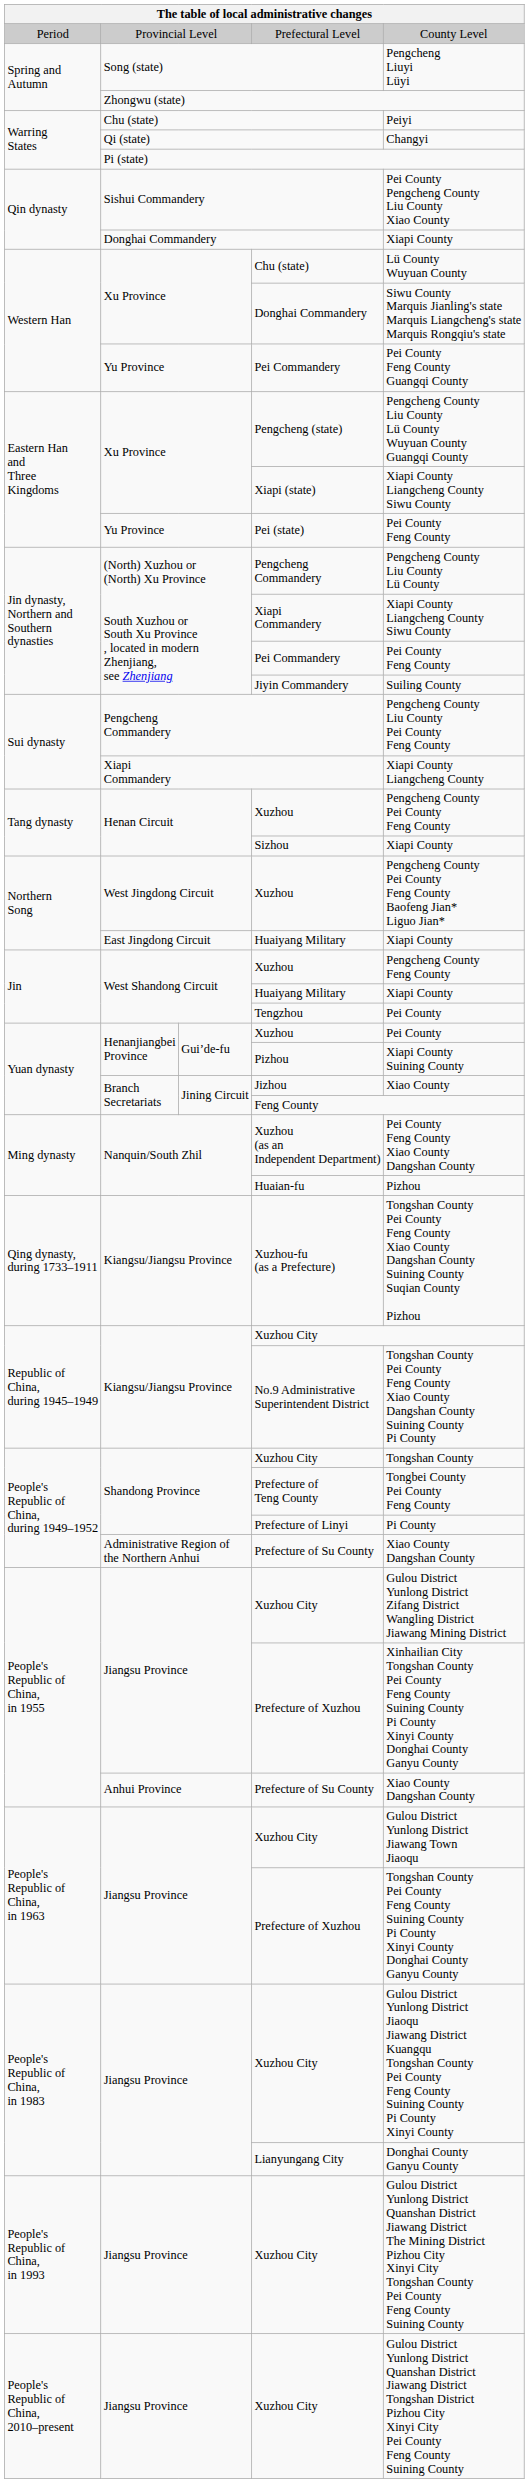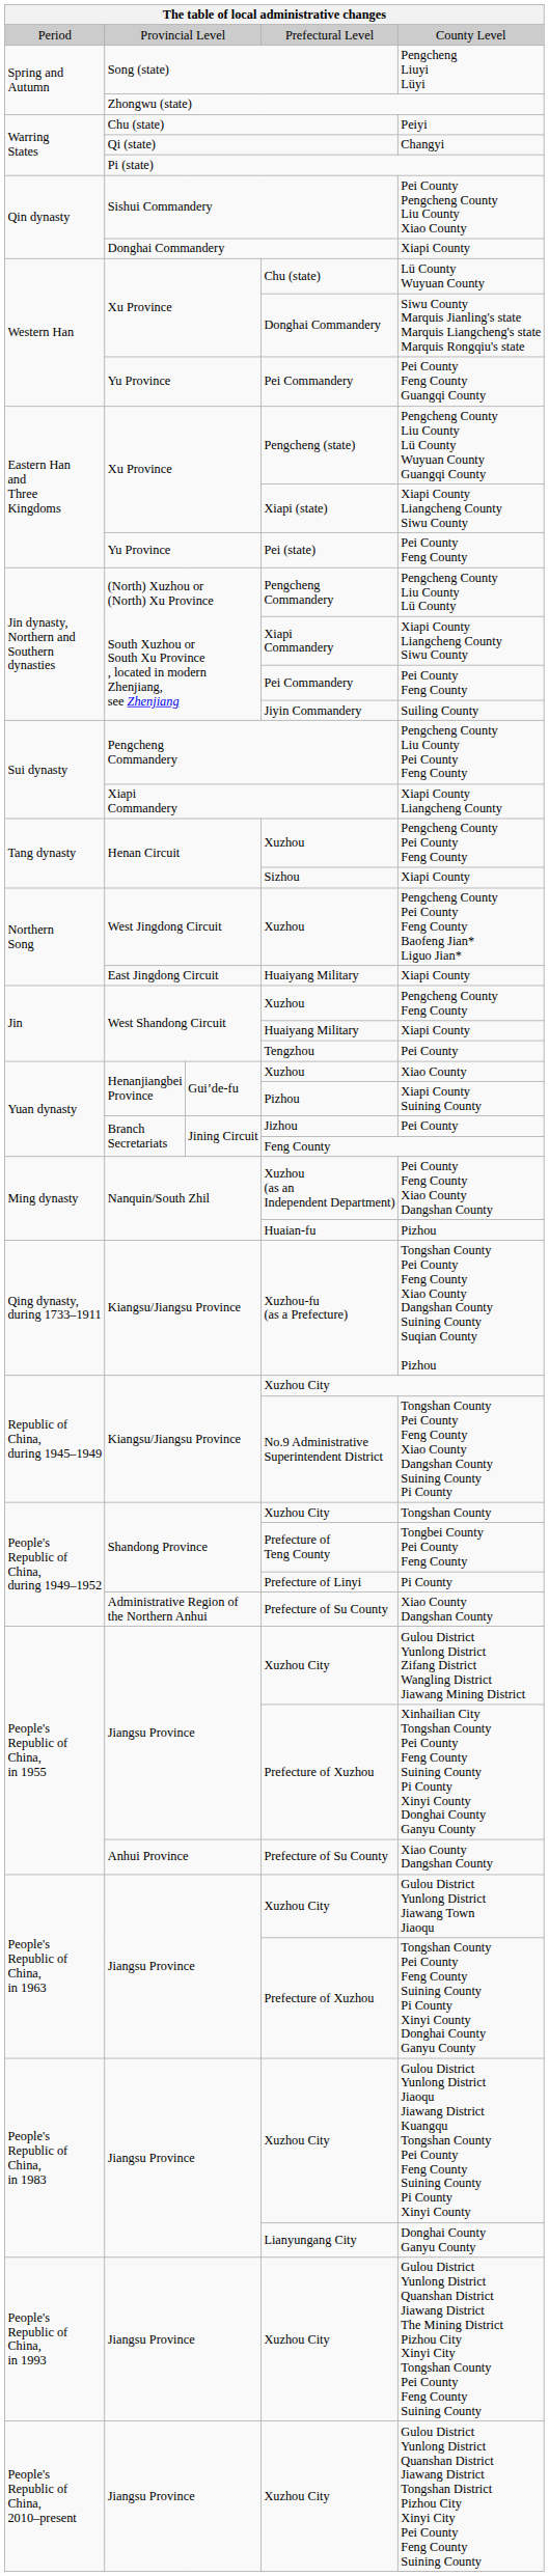 <table class="wikitable collapsible collapsed" style="margin-left: auto; margin-right: auto; border: none">
 <tr>
 <th colspan="8" style="background: #f2f2f2;"><strong>The table of local administrative changes</strong></th>
 </tr>
 <tr bgcolor=cccccc>
 <td style="text-align: center;">Period</td>
 <td colspan="2" style="text-align: center;">Provincial Level</td>
 <td style="text-align: center;">Prefectural Level</td>
 <td style="text-align: center;">County Level</td>
 </tr>
 <tr>
 <td rowspan="2">Spring and<br>Autumn</td>
 <td colspan="3">Song (state)<br></td>
 <td>Pengcheng <br>Liuyi <br>Lüyi </td>
 </tr>
 <tr>
 <td colspan="4">Zhongwu (state) </td>
 </tr>
 <tr>
 <td rowspan="3">Warring<br>States</td>
 <td colspan="3">Chu (state) </td>
 <td>Peiyi </td>
 </tr>
 <tr>
 <td colspan="3">Qi (state) </td>
 <td>Changyi </td>
 </tr>
 <tr>
 <td colspan="4">Pi (state) </td>
 </tr>
 <tr>
 <td rowspan="2">Qin dynasty</td>
 <td colspan="3">Sishui Commandery<br></td>
 <td>Pei County <br>Pengcheng County <br>Liu County <br>Xiao County </td>
 </tr>
 <tr>
 <td colspan="3">Donghai Commandery </td>
 <td>Xiapi County </td>
 </tr>
 <tr>
 <td rowspan="3">Western Han</td>
 <td colspan="2" rowspan="2">Xu Province<br></td>
 <td>Chu (state) </td>
 <td>Lü County <br>Wuyuan County </td>
 </tr>
 <tr>
 <td>Donghai Commandery<br></td>
 <td>Siwu County <br>Marquis Jianling's state <br>Marquis Liangcheng's state <br>Marquis Rongqiu's state </td>
 </tr>
 <tr>
 <td colspan="2">Yu Province<br></td>
 <td>Pei Commandery<br></td>
 <td>Pei County <br>Feng County <br>Guangqi County </td>
 </tr>
 <tr>
 <td rowspan="3">Eastern Han<br>and<br>Three<br>Kingdoms</td>
 <td colspan="2" rowspan="2">Xu Province<br></td>
 <td>Pengcheng (state)<br></td>
 <td>Pengcheng County <br>Liu County <br>Lü County <br>Wuyuan County <br>Guangqi County </td>
 </tr>
 <tr>
 <td>Xiapi (state)<br></td>
 <td>Xiapi County <br>Liangcheng County <br>Siwu County </td>
 </tr>
 <tr>
 <td colspan="2">Yu Province<br></td>
 <td>Pei (state)<br></td>
 <td>Pei County <br>Feng County </td>
 </tr>
 <tr>
 <td rowspan="4">Jin dynasty,<br>Northern and<br>Southern<br>dynasties</td>
 <td colspan="2" rowspan="4">(North) Xuzhou or<br>(North) Xu Province<br><br><br>South Xuzhou or<br>South Xu Province<br>, located in modern<br>Zhenjiang, <br>see <em><a href='#'>Zhenjiang</a></em></td>
 <td>Pengcheng<br>Commandery<br></td>
 <td>Pengcheng County <br>Liu County <br>Lü County </td>
 </tr>
 <tr>
 <td>Xiapi<br>Commandery<br></td>
 <td>Xiapi County <br>Liangcheng County <br>Siwu County </td>
 </tr>
 <tr>
 <td>Pei Commandery<br></td>
 <td>Pei County <br>Feng County </td>
 </tr>
 <tr>
 <td>Jiyin Commandery<br></td>
 <td>Suiling County </td>
 </tr>
 <tr>
 <td rowspan="2">Sui dynasty</td>
 <td colspan="3">Pengcheng<br>Commandery<br></td>
 <td>Pengcheng County <br>Liu County <br>Pei County <br>Feng County </td>
 </tr>
 <tr>
 <td colspan="3">Xiapi<br>Commandery<br></td>
 <td>Xiapi County <br>Liangcheng County </td>
 </tr>
 <tr>
 <td rowspan="2">Tang dynasty</td>
 <td colspan="2" rowspan="2">Henan Circuit<br></td>
 <td>Xuzhou<br></td>
 <td>Pengcheng County <br>Pei County <br>Feng County </td>
 </tr>
 <tr>
 <td>Sizhou </td>
 <td>Xiapi County </td>
 </tr>
 <tr>
 <td rowspan="2">Northern<br>Song</td>
 <td colspan="2">West Jingdong Circuit<br></td>
 <td>Xuzhou<br></td>
 <td>Pengcheng County <br>Pei County <br>Feng County <br>Baofeng Jian* <br>Liguo Jian* </td>
 </tr>
 <tr>
 <td colspan="2">East Jingdong Circuit<br></td>
 <td>Huaiyang Military<br></td>
 <td>Xiapi County </td>
 </tr>
 <tr>
 <td rowspan="3">Jin</td>
 <td colspan="2" rowspan="3">West Shandong Circuit<br></td>
 <td>Xuzhou </td>
 <td>Pengcheng County <br>Feng County </td>
 </tr>
 <tr>
 <td>Huaiyang Military </td>
 <td>Xiapi County </td>
 </tr>
 <tr>
 <td>Tengzhou </td>
 <td>Pei County </td>
 </tr>
 <tr>
 <td rowspan="4">Yuan dynasty</td>
 <td rowspan="2">Henanjiangbei<br>Province<br></td>
 <td rowspan="2">Gui’de-fu<br></td>
 <td>Xuzhou </td>
-<td>Pei County </td>
+<td>Xiao County </td>
 </tr>
 <tr>
 <td>Pizhou </td>
 <td>Xiapi County <br>Suining County </td>
 </tr>
 <tr>
 <td rowspan="2">Branch<br>Secretariats<br></td>
 <td rowspan="2">Jining Circuit<br></td>
 <td>Jizhou </td>
-<td>Xiao County </td>
+<td>Pei County </td>
 </tr>
 <tr>
 <td colspan="2">Feng County </td>
 </tr>
 <tr>
 <td rowspan="2">Ming dynasty</td>
 <td colspan="2" rowspan="2">Nanquin/South Zhil<br></td>
 <td>Xuzhou<br>(as an<br>Independent Department)<br></td>
 <td>Pei County <br>Feng County <br>Xiao County <br>Dangshan County </td>
 </tr>
 <tr>
 <td>Huaian-fu </td>
 <td>Pizhou </td>
 </tr>
 <tr>
 <td>Qing dynasty,<br>during 1733–1911</td>
 <td colspan="2">Kiangsu/Jiangsu Province<br></td>
 <td>Xuzhou-fu<br>(as a Prefecture)<br></td>
 <td>Tongshan County <br>Pei County <br>Feng County <br>Xiao County <br>Dangshan County <br>Suining County <br>Suqian County <br><br>Pizhou </td>
 </tr>
 <tr>
 <td rowspan="2">Republic of<br>China,<br>during 1945–1949</td>
 <td colspan="2" rowspan="2">Kiangsu/Jiangsu Province<br></td>
 <td colspan="2">Xuzhou City </td>
 </tr>
 <tr>
 <td>No.9 Administrative<br>Superintendent District<br></td>
 <td>Tongshan County <br>Pei County <br>Feng County <br>Xiao County <br>Dangshan County <br>Suining County <br>Pi County </td>
 </tr>
 <tr>
 <td rowspan="4">People's<br>Republic of<br>China,<br>during 1949–1952</td>
 <td colspan="2" rowspan="3">Shandong Province<br></td>
 <td>Xuzhou City </td>
 <td>Tongshan County </td>
 </tr>
 <tr>
 <td>Prefecture of<br>Teng County <br></td>
 <td>Tongbei County <br>Pei County <br>Feng County </td>
 </tr>
 <tr>
 <td>Prefecture of Linyi<br></td>
 <td>Pi County </td>
 </tr>
 <tr>
 <td colspan="2">Administrative Region of<br>the Northern Anhui<br></td>
 <td>Prefecture of Su County <br></td>
 <td>Xiao County <br>Dangshan County </td>
 </tr>
 <tr>
 <td rowspan="3">People's<br>Republic of<br>China,<br>in 1955</td>
 <td colspan="2" rowspan="2">Jiangsu Province<br></td>
 <td>Xuzhou City<br></td>
 <td>Gulou District <br>Yunlong District <br>Zifang District <br>Wangling District <br>Jiawang Mining District </td>
 </tr>
 <tr>
 <td>Prefecture of Xuzhou<br></td>
 <td>Xinhailian City <br>Tongshan County <br>Pei County <br>Feng County <br>Suining County <br>Pi County <br>Xinyi County <br>Donghai County <br>Ganyu County </td>
 </tr>
 <tr>
 <td colspan="2">Anhui Province<br></td>
 <td>Prefecture of Su County <br></td>
 <td>Xiao County <br>Dangshan County </td>
 </tr>
 <tr>
 <td rowspan="2">People's<br>Republic of<br>China,<br>in 1963</td>
 <td colspan="2" rowspan="2">Jiangsu Province<br></td>
 <td>Xuzhou City<br></td>
 <td>Gulou District <br>Yunlong District <br>Jiawang Town <br>Jiaoqu </td>
 </tr>
 <tr>
 <td>Prefecture of Xuzhou<br></td>
 <td>Tongshan County <br>Pei County <br>Feng County <br>Suining County <br>Pi County <br>Xinyi County <br>Donghai County <br>Ganyu County </td>
 </tr>
 <tr>
 <td rowspan="2">People's<br>Republic of<br>China,<br>in 1983</td>
 <td colspan="2" rowspan="2">Jiangsu Province<br></td>
 <td>Xuzhou City<br></td>
 <td>Gulou District <br>Yunlong District <br>Jiaoqu <br>Jiawang District <br>Kuangqu <br>Tongshan County <br>Pei County <br>Feng County <br>Suining County <br>Pi County <br>Xinyi County </td>
 </tr>
 <tr>
 <td>Lianyungang City<br></td>
 <td>Donghai County <br>Ganyu County </td>
 </tr>
 <tr>
 <td>People's<br>Republic of<br>China,<br>in 1993</td>
 <td colspan="2">Jiangsu Province<br></td>
 <td>Xuzhou City<br></td>
 <td>Gulou District <br>Yunlong District <br>Quanshan District <br>Jiawang District <br>The Mining District <br>Pizhou City <br>Xinyi City <br>Tongshan County <br>Pei County <br>Feng County <br>Suining County </td>
 </tr>
 <tr>
 <td>People's<br>Republic of<br>China,<br>2010–present</td>
 <td colspan="2">Jiangsu Province<br></td>
 <td>Xuzhou City<br></td>
 <td>Gulou District <br>Yunlong District <br>Quanshan District <br>Jiawang District <br>Tongshan District <br>Pizhou City <br>Xinyi City <br>Pei County <br>Feng County <br>Suining County </td>
 </tr>
 </table>
